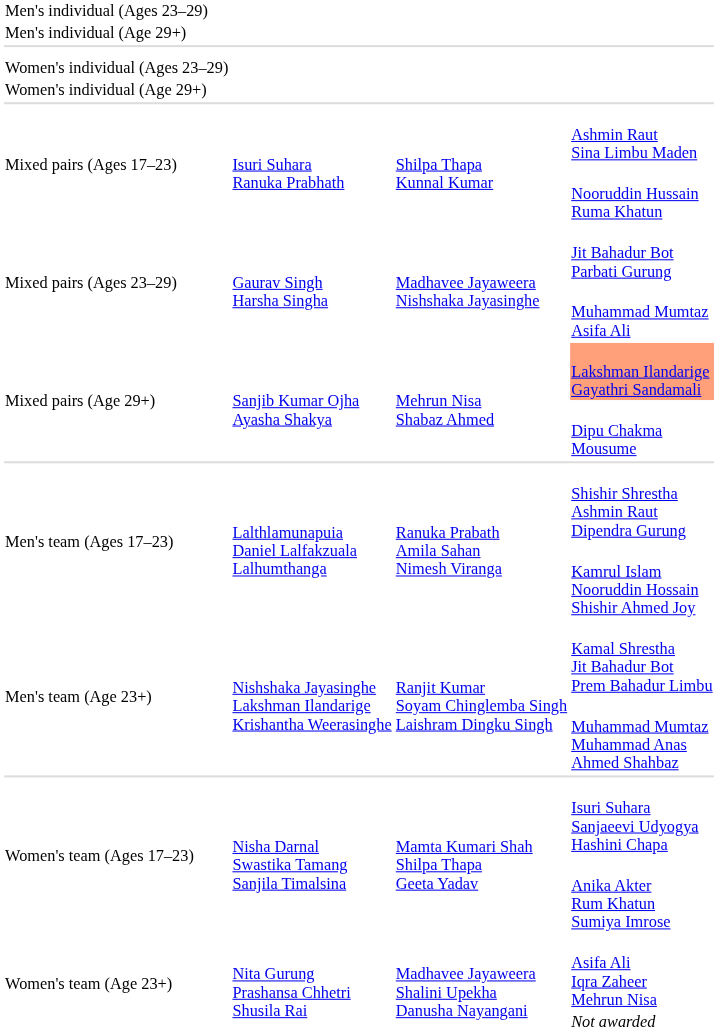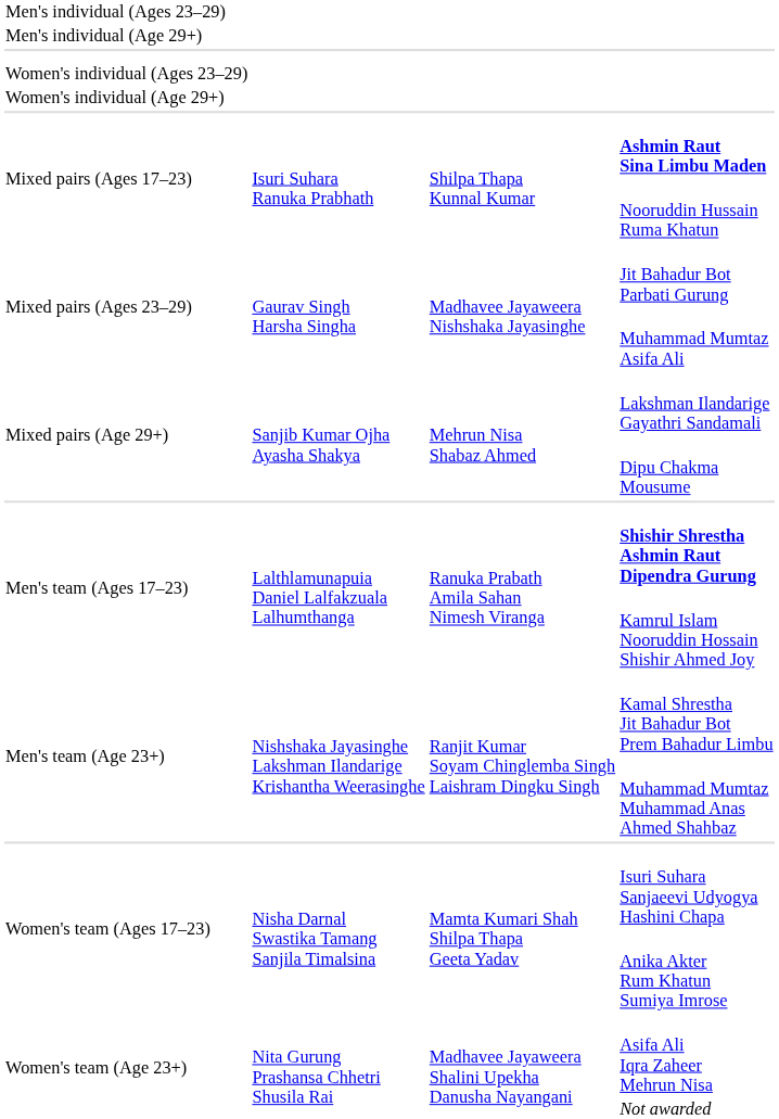 <table>
 <tr>
 <td rowspan=2></td>
 <td rowspan=2></td>
 <td rowspan=2></td>
 <td></td>
 </tr>
 <tr>
 <td></td>
 </tr>
 <tr>
 <td rowspan=2>Men's individual (Ages 23–29)</td>
 <td rowspan=2></td>
 <td rowspan=2></td>
 <td></td>
 </tr>
 <tr>
 <td></td>
 </tr>
 <tr>
 <td rowspan=2>Men's individual (Age 29+)</td>
 <td rowspan=2></td>
 <td rowspan=2></td>
 <td></td>
 </tr>
 <tr>
 <td></td>
 </tr>
 <tr bgcolor=#DDDDDD>
 <td colspan=7></td>
 </tr>
 <tr>
 <td rowspan=2></td>
 <td rowspan=2></td>
 <td rowspan=2></td>
 <td></td>
 </tr>
 <tr>
 <td></td>
 </tr>
 <tr>
 <td rowspan=2>Women's individual (Ages 23–29)</td>
 <td rowspan=2></td>
 <td rowspan=2></td>
 <td></td>
 </tr>
 <tr>
 <td></td>
 </tr>
 <tr>
 <td rowspan=2>Women's individual (Age 29+)</td>
 <td rowspan=2></td>
 <td rowspan=2></td>
 <td></td>
 </tr>
 <tr>
 <td></td>
 </tr>
 <tr bgcolor=#DDDDDD>
 <td colspan=7></td>
 </tr>
 <tr>
 <td rowspan=2>Mixed pairs (Ages 17–23)</td>
 <td rowspan=2><br><a href='#'>Isuri Suhara</a><br><a href='#'>Ranuka Prabhath</a></td>
 <td rowspan=2><br><a href='#'>Shilpa Thapa</a><br><a href='#'>Kunnal Kumar</a></td>
-<td><br><a href='#'>Ashmin Raut</a><br><a href='#'>Sina Limbu Maden</a></td>
+<td><strong><br><a href='#'>Ashmin Raut</a><br><a href='#'>Sina Limbu Maden</a></strong></td>
 </tr>
 <tr>
 <td><br><a href='#'>Nooruddin Hussain</a><br><a href='#'>Ruma Khatun</a></td>
 </tr>
 <tr>
 <td rowspan=2>Mixed pairs (Ages 23–29)</td>
 <td rowspan=2><br><a href='#'>Gaurav Singh</a><br><a href='#'>Harsha Singha</a></td>
 <td rowspan=2><br><a href='#'>Madhavee Jayaweera</a><br><a href='#'>Nishshaka Jayasinghe</a></td>
 <td><br><a href='#'>Jit Bahadur Bot</a><br><a href='#'>Parbati Gurung</a></td>
 </tr>
 <tr>
 <td><br><a href='#'>Muhammad Mumtaz</a><br><a href='#'>Asifa Ali</a></td>
 </tr>
 <tr>
 <td rowspan=2>Mixed pairs (Age 29+)</td>
 <td rowspan=2><br><a href='#'>Sanjib Kumar Ojha</a><br><a href='#'>Ayasha Shakya</a></td>
 <td rowspan=2><br><a href='#'>Mehrun Nisa</a><br><a href='#'>Shabaz Ahmed</a></td>
-<td style="background: lightsalmon;"><br><a href='#'>Lakshman Ilandarige</a><br><a href='#'>Gayathri Sandamali</a></td>
+<td><br><a href='#'>Lakshman Ilandarige</a><br><a href='#'>Gayathri Sandamali</a></td>
 </tr>
 <tr>
 <td><br><a href='#'>Dipu Chakma</a><br><a href='#'>Mousume</a></td>
 </tr>
 <tr bgcolor=#DDDDDD>
 <td colspan=7></td>
 </tr>
 <tr>
 <td rowspan=2>Men's team (Ages 17–23)</td>
 <td rowspan=2><br><a href='#'>Lalthlamunapuia</a><br><a href='#'>Daniel Lalfakzuala</a><br><a href='#'>Lalhumthanga</a></td>
 <td rowspan=2><br><a href='#'>Ranuka Prabath</a><br><a href='#'>Amila Sahan</a><br><a href='#'>Nimesh Viranga</a></td>
-<td><br><a href='#'>Shishir Shrestha</a><br><a href='#'>Ashmin Raut</a><br><a href='#'>Dipendra Gurung</a></td>
+<td><strong><br><a href='#'>Shishir Shrestha</a><br><a href='#'>Ashmin Raut</a><br><a href='#'>Dipendra Gurung</a></strong></td>
 </tr>
 <tr>
 <td><br><a href='#'>Kamrul Islam</a><br><a href='#'>Nooruddin Hossain</a><br><a href='#'>Shishir Ahmed Joy</a></td>
 </tr>
 <tr>
 <td rowspan=2>Men's team (Age 23+)</td>
 <td rowspan=2><br><a href='#'>Nishshaka Jayasinghe</a><br><a href='#'>Lakshman Ilandarige</a><br><a href='#'>Krishantha Weerasinghe</a></td>
 <td rowspan=2><br><a href='#'>Ranjit Kumar</a><br><a href='#'>Soyam Chinglemba Singh</a><br><a href='#'>Laishram Dingku Singh</a></td>
 <td><br><a href='#'>Kamal Shrestha</a><br><a href='#'>Jit Bahadur Bot</a><br><a href='#'>Prem Bahadur Limbu</a></td>
 </tr>
 <tr>
 <td><br><a href='#'>Muhammad Mumtaz</a><br><a href='#'>Muhammad Anas</a><br><a href='#'>Ahmed Shahbaz</a></td>
 </tr>
 <tr bgcolor=#DDDDDD>
 <td colspan=7></td>
 </tr>
 <tr>
 <td rowspan=2>Women's team (Ages 17–23)</td>
 <td rowspan=2><br><a href='#'>Nisha Darnal</a><br><a href='#'>Swastika Tamang</a><br><a href='#'>Sanjila Timalsina</a></td>
 <td rowspan=2><br><a href='#'>Mamta Kumari Shah</a><br><a href='#'>Shilpa Thapa</a><br><a href='#'>Geeta Yadav</a></td>
 <td><br><a href='#'>Isuri Suhara</a><br><a href='#'>Sanjaeevi Udyogya</a><br><a href='#'>Hashini Chapa</a></td>
 </tr>
 <tr>
 <td><br><a href='#'>Anika Akter</a><br><a href='#'>Rum Khatun</a><br><a href='#'>Sumiya Imrose</a></td>
 </tr>
 <tr>
 <td rowspan=2>Women's team (Age 23+)</td>
 <td rowspan=2><br><a href='#'>Nita Gurung</a><br><a href='#'>Prashansa Chhetri</a><br><a href='#'>Shusila Rai</a></td>
 <td rowspan=2><br><a href='#'>Madhavee Jayaweera</a><br><a href='#'>Shalini Upekha</a><br><a href='#'>Danusha Nayangani</a></td>
 <td><br><a href='#'>Asifa Ali</a><br><a href='#'>Iqra Zaheer</a><br><a href='#'>Mehrun Nisa</a></td>
 </tr>
 <tr>
 <td><em>Not awarded</em></td>
 </tr>
 </table>
